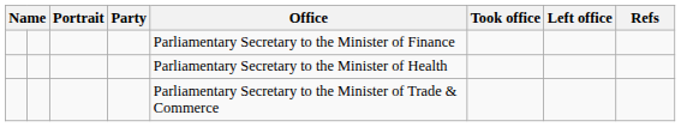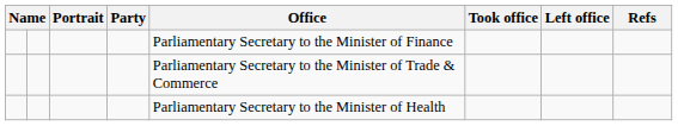 <table class="wikitable plainrowheaders sortable" style="font-size:90%; text-align:left;">
 <tr>
 <th scope=col colspan="2">Name</th>
 <th scope=col class=unsortable>Portrait</th>
 <th scope=col>Party</th>
 <th scope=col width=300px>Office</th>
 <th scope=col>Took office</th>
 <th scope=col>Left office</th>
 <th scope=col width=50px class=unsortable>Refs</th>
 </tr>
 <tr>
 <td></td>
 <td></td>
 <td align=center></td>
 <td></td>
 <td>Parliamentary Secretary to the Minister of Finance</td>
 <td align=center></td>
 <td align=center></td>
 <td align=center></td>
 </tr>
 <tr>
 <td></td>
 <td></td>
 <td align=center></td>
 <td></td>
-<td>Parliamentary Secretary to the Minister of Health</td>
+<td>Parliamentary Secretary to the Minister of Trade & Commerce</td>
 <td align=center></td>
 <td align=center></td>
 <td align=center></td>
 </tr>
 <tr>
 <td></td>
 <td></td>
 <td align=center></td>
 <td></td>
-<td>Parliamentary Secretary to the Minister of Trade & Commerce</td>
+<td>Parliamentary Secretary to the Minister of Health</td>
 <td align=center></td>
 <td align=center></td>
 <td align=center></td>
 </tr>
 </table>
